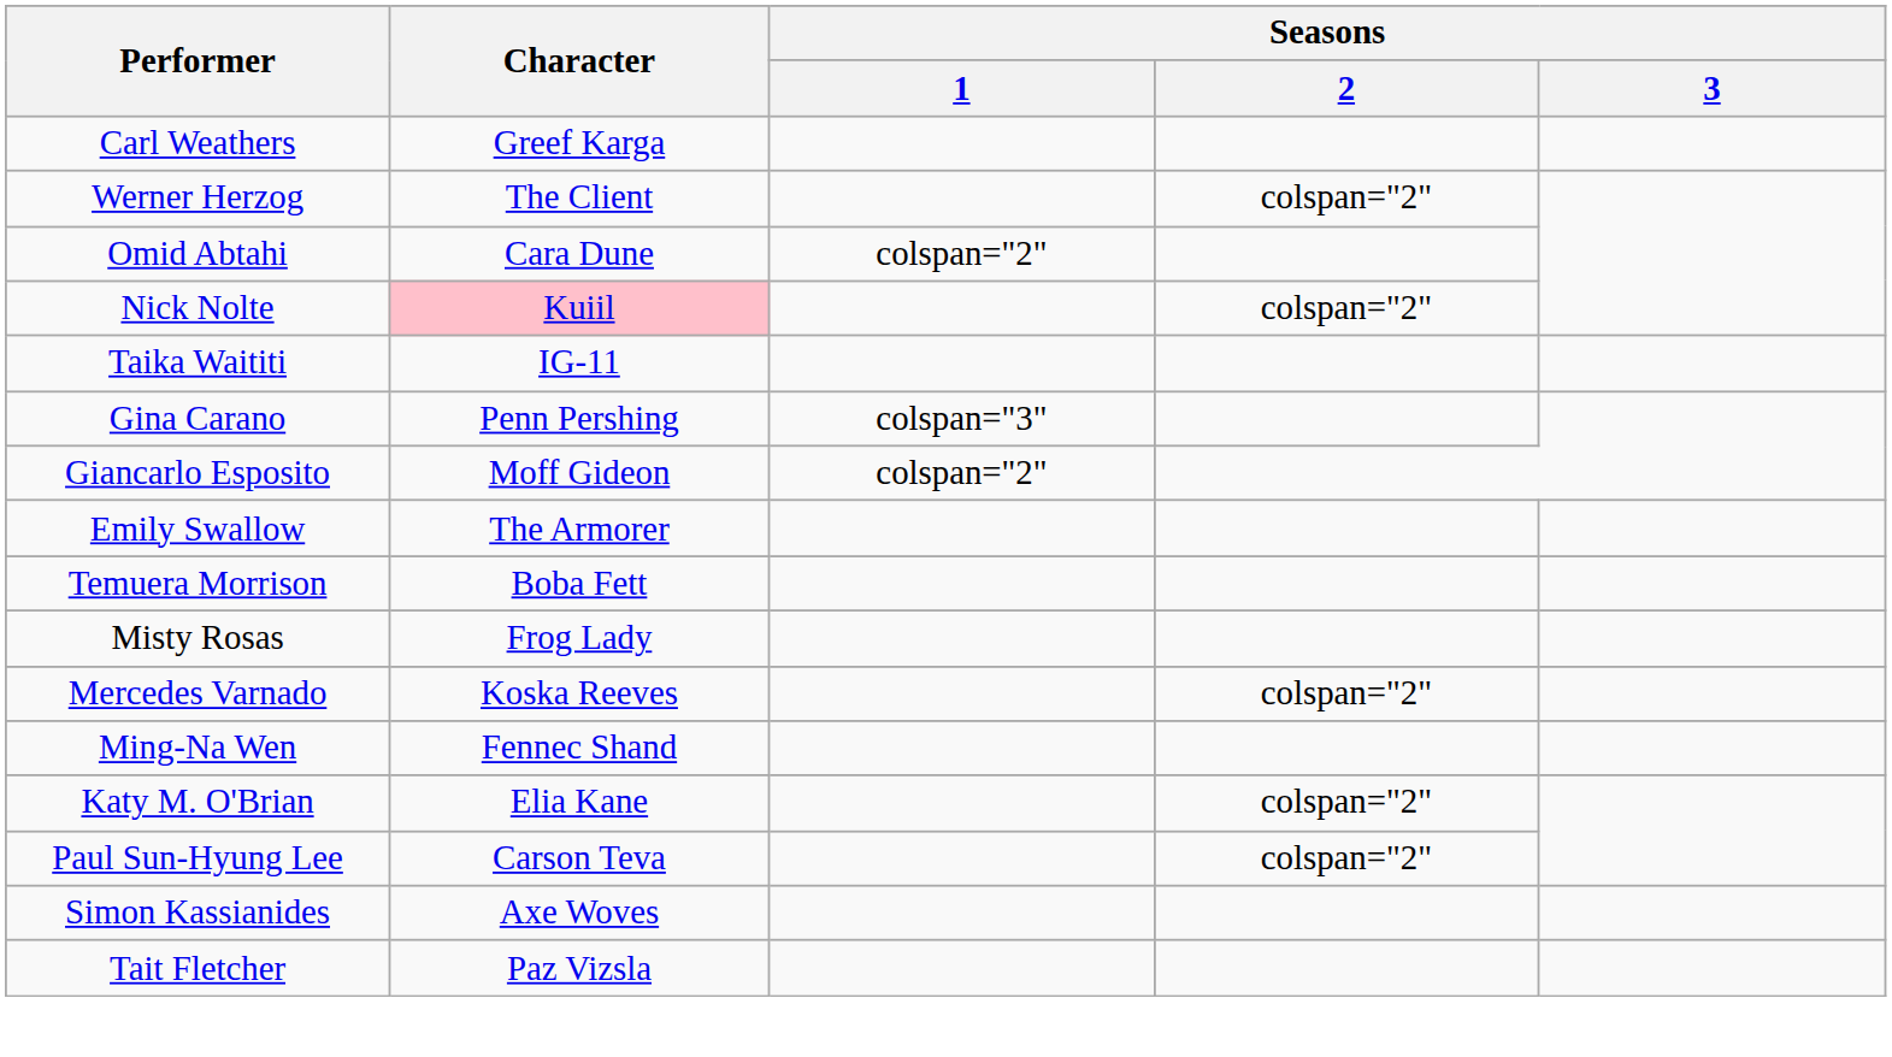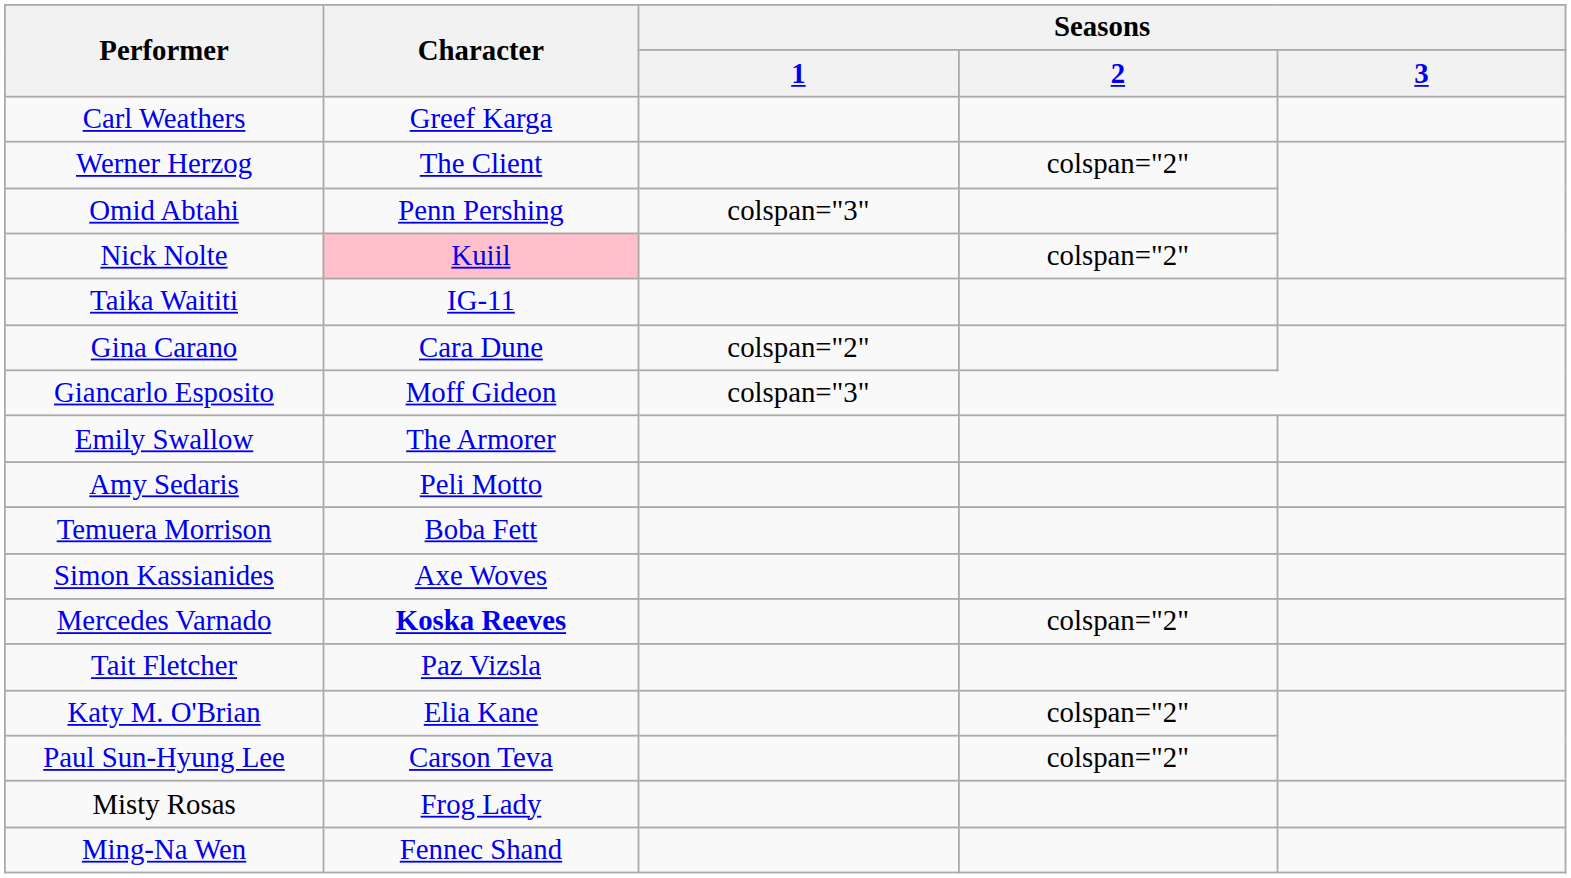 <table class="wikitable" style="text-align: center;">
 <tr>
 <th rowspan="2" style="width: 200px;">Performer</th>
 <th rowspan="2" style="width: 200px;">Character</th>
 <th colspan="3" style="width: 200px;">Seasons</th>
 </tr>
 <tr>
 <th style="width: 200px;"><a href='#'>1</a></th>
 <th style="width: 200px;"><a href='#'>2</a></th>
 <th style="width: 200px;"><a href='#'>3</a></th>
 </tr>
 <tr>
 <td><a href='#'>Carl Weathers</a></td>
 <td><a href='#'>Greef Karga</a></td>
 <td></td>
 <td></td>
 <td></td>
 </tr>
 <tr>
 <td><a href='#'>Werner Herzog</a></td>
 <td><a href='#'>The Client</a></td>
 <td></td>
 <td>colspan="2" </td>
 </tr>
 <tr>
 <td><a href='#'>Omid Abtahi</a></td>
-<td><a href='#'>Cara Dune</a></td>
-<td>colspan="2" </td>
+<td><a href='#'>Penn Pershing</a></td>
+<td>colspan="3" </td>
 <td></td>
 </tr>
 <tr>
 <td><a href='#'>Nick Nolte</a> </td>
 <td style="background: pink;"><a href='#'>Kuiil</a></td>
 <td></td>
 <td>colspan="2" </td>
 </tr>
 <tr>
 <td><a href='#'>Taika Waititi</a> </td>
 <td><a href='#'>IG-11</a></td>
 <td></td>
 <td></td>
 <td></td>
 </tr>
 <tr>
 <td><a href='#'>Gina Carano</a></td>
-<td><a href='#'>Penn Pershing</a></td>
-<td>colspan="3" </td>
+<td><a href='#'>Cara Dune</a></td>
+<td>colspan="2" </td>
 <td></td>
 </tr>
 <tr>
 <td><a href='#'>Giancarlo Esposito</a></td>
 <td><a href='#'>Moff Gideon</a></td>
-<td>colspan="2" </td>
+<td>colspan="3" </td>
 </tr>
 <tr>
 <td><a href='#'>Emily Swallow</a></td>
 <td><a href='#'>The Armorer</a></td>
+<td></td>
+<td></td>
+<td></td>
+</tr>
+<tr>
+<td><a href='#'>Amy Sedaris</a></td>
+<td><a href='#'>Peli Motto</a></td>
 <td></td>
 <td></td>
 <td></td>
 </tr>
 <tr>
 <td><a href='#'>Temuera Morrison</a></td>
 <td><a href='#'>Boba Fett</a></td>
 <td></td>
 <td></td>
 <td></td>
 </tr>
 <tr>
-<td>Misty Rosas</td>
-<td><a href='#'>Frog Lady</a></td>
+<td><a href='#'>Simon Kassianides</a></td>
+<td><a href='#'>Axe Woves</a></td>
 <td></td>
 <td></td>
 <td></td>
 </tr>
 <tr>
 <td><a href='#'>Mercedes Varnado</a></td>
-<td><a href='#'>Koska Reeves</a></td>
+<td><strong><a href='#'>Koska Reeves</a></strong></td>
 <td></td>
 <td>colspan="2" </td>
 </tr>
 <tr>
-<td><a href='#'>Ming-Na Wen</a></td>
-<td><a href='#'>Fennec Shand</a></td>
+<td><a href='#'>Tait Fletcher</a></td>
+<td><a href='#'>Paz Vizsla</a></td>
 <td></td>
 <td></td>
 <td></td>
 </tr>
 <tr>
 <td><a href='#'>Katy M. O'Brian</a></td>
 <td><a href='#'>Elia Kane</a></td>
 <td></td>
 <td>colspan="2" </td>
 </tr>
 <tr>
 <td><a href='#'>Paul Sun-Hyung Lee</a></td>
 <td><a href='#'>Carson Teva</a></td>
 <td></td>
 <td>colspan="2" </td>
 </tr>
 <tr>
-<td><a href='#'>Simon Kassianides</a></td>
-<td><a href='#'>Axe Woves</a></td>
+<td>Misty Rosas</td>
+<td><a href='#'>Frog Lady</a></td>
 <td></td>
 <td></td>
 <td></td>
 </tr>
 <tr>
-<td><a href='#'>Tait Fletcher</a></td>
-<td><a href='#'>Paz Vizsla</a></td>
+<td><a href='#'>Ming-Na Wen</a></td>
+<td><a href='#'>Fennec Shand</a></td>
 <td></td>
 <td></td>
 <td></td>
 </tr>
 </table>
